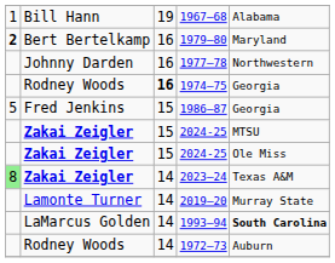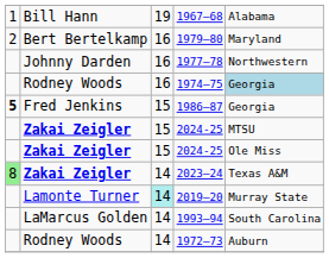 <table class="wikitable">
 <tr>
 </tr>
 <tr>
 <td>1</td>
 <td>Bill Hann</td>
 <td>19</td>
 <td style="font-size:80%;"><a href='#'>1967–68</a></td>
 <td style="font-size:80%;">Alabama</td>
 </tr>
 <tr>
-<td><strong>2</strong></td>
+<td>2</td>
 <td>Bert Bertelkamp</td>
 <td>16</td>
 <td style="font-size:80%;"><a href='#'>1979–80</a></td>
 <td style="font-size:80%;">Maryland</td>
 </tr>
 <tr>
 <td></td>
 <td>Johnny Darden</td>
 <td>16</td>
 <td style="font-size:80%;"><a href='#'>1977–78</a></td>
 <td style="font-size:80%;">Northwestern</td>
 </tr>
 <tr>
 <td></td>
 <td>Rodney Woods</td>
-<td><strong>16</strong></td>
+<td>16</td>
 <td style="font-size:80%;"><a href='#'>1974–75</a></td>
-<td style="font-size:80%;">Georgia</td>
+<td style="background: lightblue; font-size:80%;">Georgia</td>
 </tr>
 <tr>
-<td>5</td>
+<td><strong>5</strong></td>
 <td>Fred Jenkins</td>
 <td>15</td>
 <td style="font-size:80%;"><a href='#'>1986–87</a></td>
 <td style="font-size:80%;">Georgia</td>
 </tr>
 <tr>
 <td></td>
 <td><strong><a href='#'>Zakai Zeigler</a></strong></td>
 <td>15</td>
 <td style="font-size:80%;"><a href='#'>2024-25</a></td>
 <td style="font-size:80%;">MTSU</td>
 </tr>
 <tr>
 <td></td>
 <td><strong><a href='#'>Zakai Zeigler</a></strong></td>
 <td>15</td>
 <td style="font-size:80%;"><a href='#'>2024-25</a></td>
 <td style="font-size:80%;">Ole Miss</td>
 </tr>
 <tr>
 <td style="background: lightgreen;">8</td>
 <td><strong><a href='#'>Zakai Zeigler</a></strong></td>
 <td>14</td>
 <td style="font-size:80%;"><a href='#'>2023–24</a></td>
 <td style="font-size:80%;">Texas A&M</td>
 </tr>
 <tr>
 <td></td>
 <td><a href='#'>Lamonte Turner</a></td>
-<td>14</td>
+<td style="background: paleturquoise;">14</td>
 <td style="font-size:80%;"><a href='#'>2019–20</a></td>
 <td style="font-size:80%;">Murray State</td>
 </tr>
 <tr>
 <td></td>
 <td>LaMarcus Golden</td>
 <td>14</td>
 <td style="font-size:80%;"><a href='#'>1993–94</a></td>
-<td style="font-size:80%;"><strong>South Carolina</strong></td>
+<td style="font-size:80%;">South Carolina</td>
 </tr>
 <tr>
 <td></td>
 <td>Rodney Woods</td>
 <td>14</td>
 <td style="font-size:80%;"><a href='#'>1972–73</a></td>
 <td style="font-size:80%;">Auburn</td>
 </tr>
 <tr>
 </tr>
 </table>
